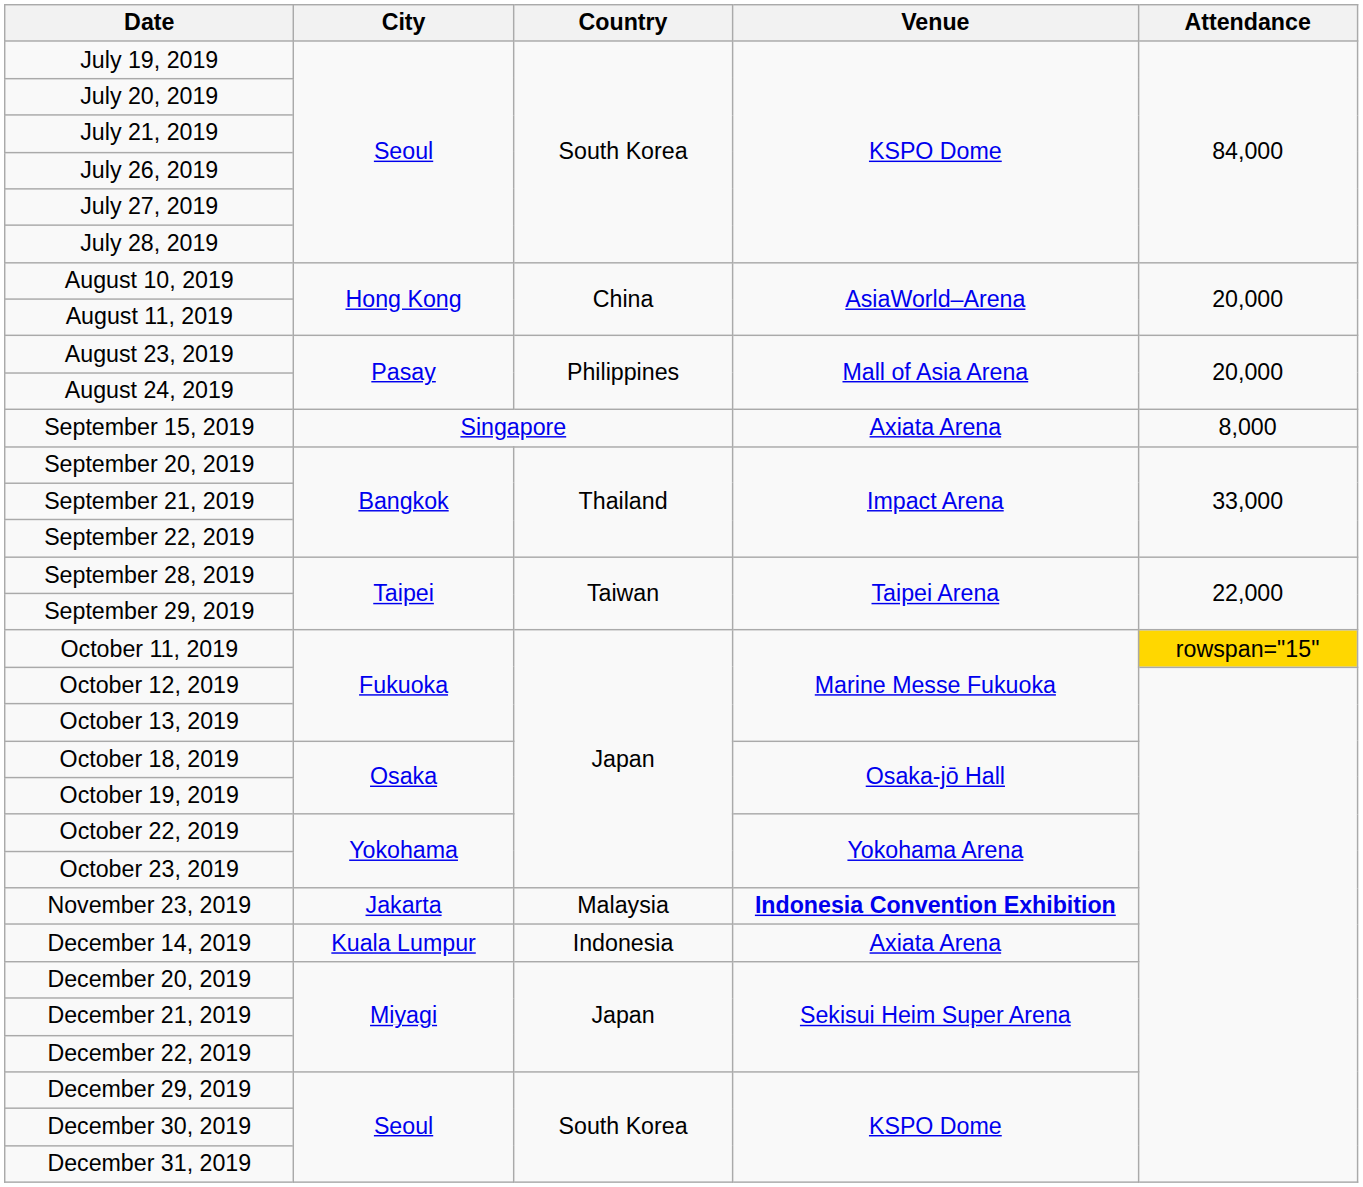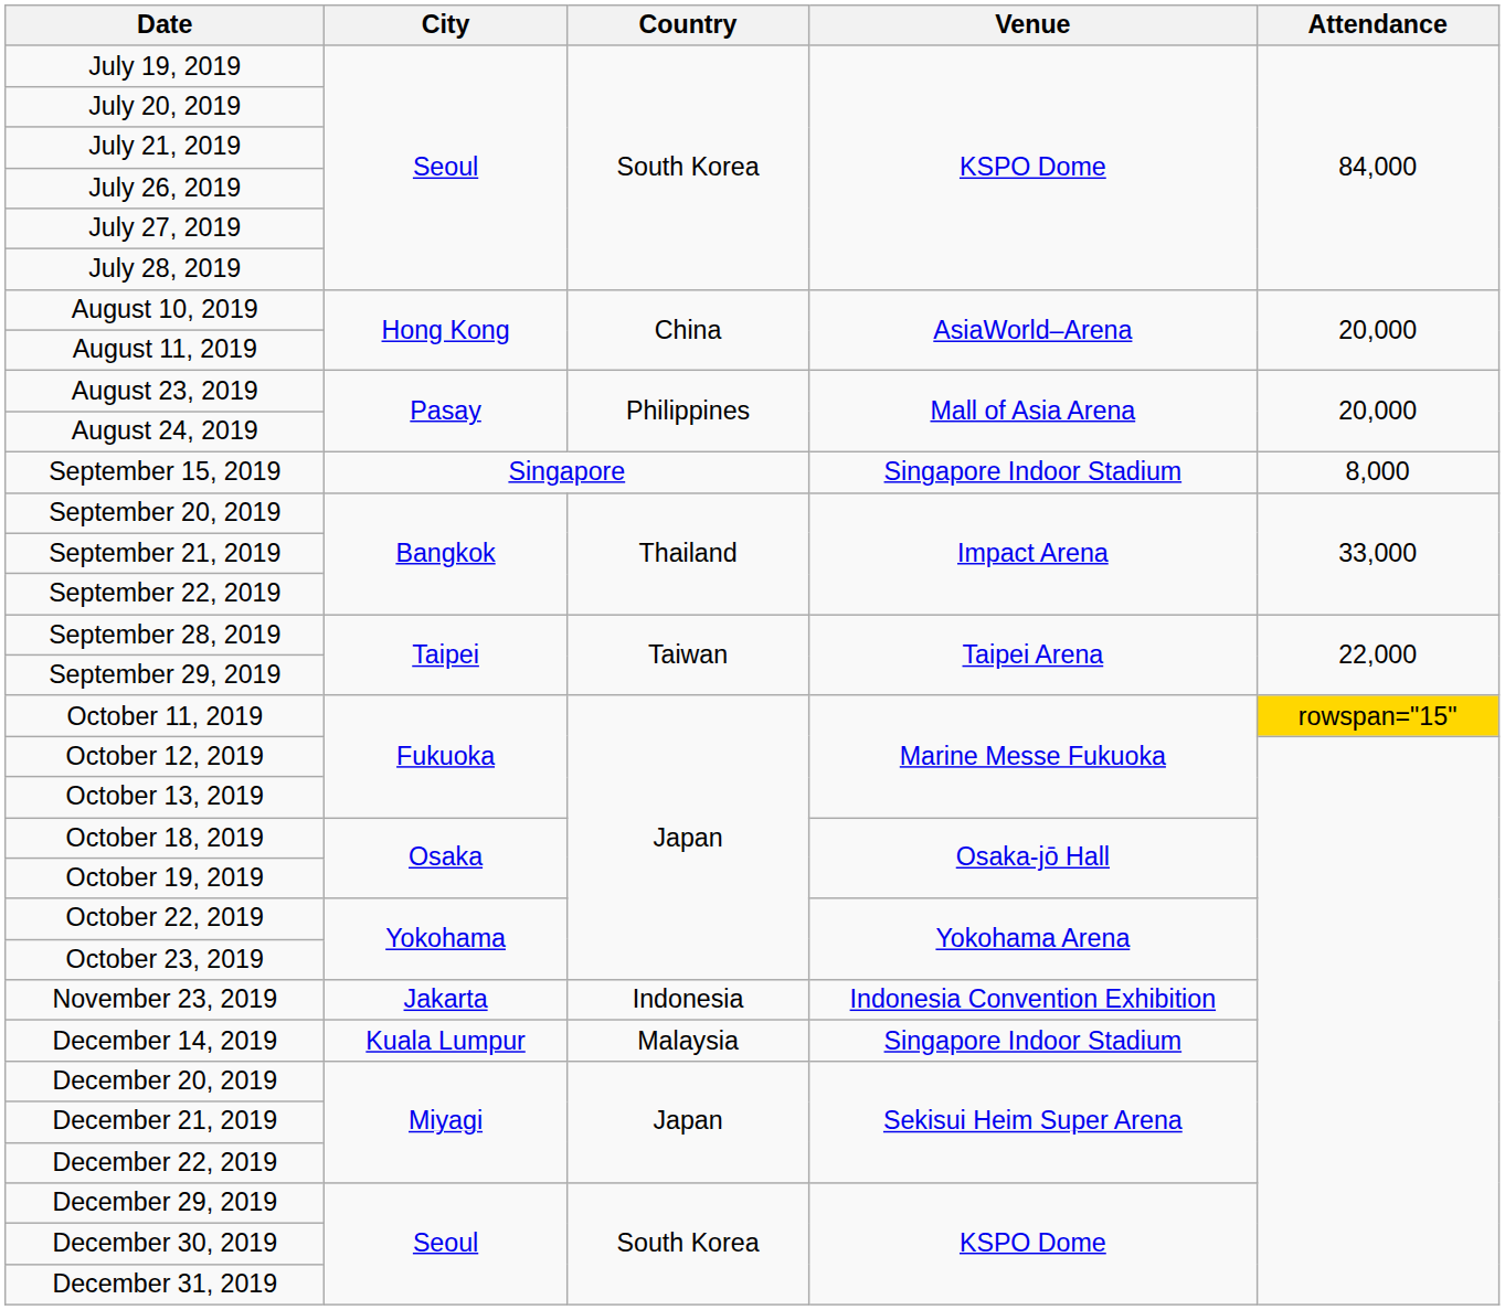 <table class="wikitable" style="text-align:center;">
 <tr>
 <th scope="col" style="width:12em;">Date</th>
 <th scope="col" style="width:9em;">City</th>
 <th scope="col" style="width:9em;">Country</th>
 <th scope="col" style="width:17em;">Venue</th>
 <th scope="col" style="width:9em;">Attendance</th>
 </tr>
 <tr>
 <td>July 19, 2019</td>
 <td rowspan="6"><a href='#'>Seoul</a></td>
 <td rowspan="6">South Korea</td>
 <td rowspan="6"><a href='#'>KSPO Dome</a></td>
 <td rowspan="6">84,000</td>
 </tr>
 <tr>
 <td>July 20, 2019</td>
 </tr>
 <tr>
 <td>July 21, 2019</td>
 </tr>
 <tr>
 <td>July 26, 2019</td>
 </tr>
 <tr>
 <td>July 27, 2019</td>
 </tr>
 <tr>
 <td>July 28, 2019</td>
 </tr>
 <tr>
 <td>August 10, 2019</td>
 <td rowspan="2"><a href='#'>Hong Kong</a></td>
 <td rowspan="2">China</td>
 <td rowspan="2"><a href='#'>AsiaWorld–Arena</a></td>
 <td rowspan="2">20,000</td>
 </tr>
 <tr>
 <td>August 11, 2019</td>
 </tr>
 <tr>
 <td>August 23, 2019</td>
 <td rowspan="2"><a href='#'>Pasay</a></td>
 <td rowspan="2">Philippines</td>
 <td rowspan="2"><a href='#'>Mall of Asia Arena</a></td>
 <td rowspan="2">20,000</td>
 </tr>
 <tr>
 <td>August 24, 2019</td>
 </tr>
 <tr>
 <td>September 15, 2019</td>
 <td colspan="2"><a href='#'>Singapore</a></td>
-<td><a href='#'>Axiata Arena</a></td>
+<td><a href='#'>Singapore Indoor Stadium</a></td>
 <td>8,000</td>
 </tr>
 <tr>
 <td>September 20, 2019</td>
 <td rowspan="3"><a href='#'>Bangkok</a></td>
 <td rowspan="3">Thailand</td>
 <td rowspan="3"><a href='#'>Impact Arena</a></td>
 <td rowspan="3">33,000</td>
 </tr>
 <tr>
 <td>September 21, 2019</td>
 </tr>
 <tr>
 <td>September 22, 2019</td>
 </tr>
 <tr>
 <td>September 28, 2019</td>
 <td rowspan="2"><a href='#'>Taipei</a></td>
 <td rowspan="2">Taiwan</td>
 <td rowspan="2"><a href='#'>Taipei Arena</a></td>
 <td rowspan="2">22,000</td>
 </tr>
 <tr>
 <td>September 29, 2019</td>
 </tr>
 <tr>
 <td>October 11, 2019</td>
 <td rowspan="3"><a href='#'>Fukuoka</a></td>
 <td rowspan="7">Japan</td>
 <td rowspan="3"><a href='#'>Marine Messe Fukuoka</a></td>
 <td style="background: gold;">rowspan="15" </td>
 </tr>
 <tr>
 <td>October 12, 2019</td>
 </tr>
 <tr>
 <td>October 13, 2019</td>
 </tr>
 <tr>
 <td>October 18, 2019</td>
 <td rowspan="2"><a href='#'>Osaka</a></td>
 <td rowspan="2"><a href='#'>Osaka-jō Hall</a></td>
 </tr>
 <tr>
 <td>October 19, 2019</td>
 </tr>
 <tr>
 <td>October 22, 2019</td>
 <td rowspan="2"><a href='#'>Yokohama</a></td>
 <td rowspan="2"><a href='#'>Yokohama Arena</a></td>
 </tr>
 <tr>
 <td>October 23, 2019</td>
 </tr>
 <tr>
 <td>November 23, 2019</td>
 <td><a href='#'>Jakarta</a></td>
-<td>Malaysia</td>
-<td><strong><a href='#'>Indonesia Convention Exhibition</a></strong></td>
+<td>Indonesia</td>
+<td><a href='#'>Indonesia Convention Exhibition</a></td>
 </tr>
 <tr>
 <td>December 14, 2019</td>
 <td><a href='#'>Kuala Lumpur</a></td>
-<td>Indonesia</td>
-<td><a href='#'>Axiata Arena</a></td>
+<td>Malaysia</td>
+<td><a href='#'>Singapore Indoor Stadium</a></td>
 </tr>
 <tr>
 <td>December 20, 2019</td>
 <td rowspan="3"><a href='#'>Miyagi</a></td>
 <td rowspan="3">Japan</td>
 <td rowspan="3"><a href='#'>Sekisui Heim Super Arena</a></td>
 </tr>
 <tr>
 <td>December 21, 2019</td>
 </tr>
 <tr>
 <td>December 22, 2019</td>
 </tr>
 <tr>
 <td>December 29, 2019</td>
 <td rowspan="3"><a href='#'>Seoul</a></td>
 <td rowspan="3">South Korea</td>
 <td rowspan="3"><a href='#'>KSPO Dome</a></td>
 </tr>
 <tr>
 <td>December 30, 2019</td>
 </tr>
 <tr>
 <td>December 31, 2019</td>
 </tr>
 </table>
